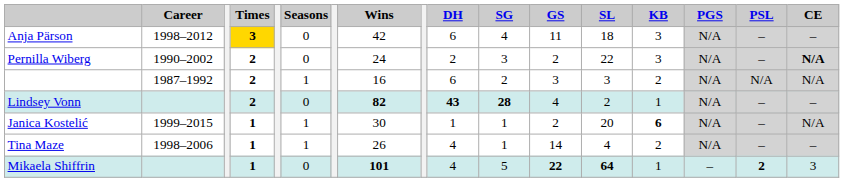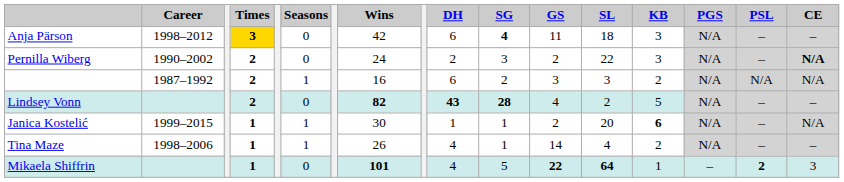 <table class="wikitable plainrowheaders" style="background:#fff; font-size:86%; line-height:16px; border:grey solid 1px; border-collapse:collapse">
 <tr style="background:#ccc; text-align:center;">
 <th style="background-color: #ccc;" width="140"></th>
 <th style="background-color: #ccc;" width="80">Career</th>
 <th rowspan=8></th>
 <th style="background-color: #ccc;" width="40">Times</th>
 <th rowspan=8></th>
 <th style="background-color: #ccc;" width="40">Seasons</th>
 <th rowspan=8></th>
 <th style="background:#ccc; width:10%">Wins</th>
 <th rowspan=8></th>
 <th style="background-color: #ccc;" width="48"><a href='#'>DH</a></th>
 <th style="background-color: #ccc;" width="48"><a href='#'>SG</a></th>
 <th style="background-color: #ccc;" width="48"><a href='#'>GS</a></th>
 <th style="background-color: #ccc;" width="48"><a href='#'>SL</a></th>
 <th style="background-color: #ccc;" width="48"><a href='#'>KB</a></th>
 <th style="background-color: #ccc;" width="48"><a href='#'>PGS</a></th>
 <th style="background-color: #ccc;" width="48"><a href='#'>PSL</a></th>
 <th style="background-color: #ccc;" width="48">CE</th>
 </tr>
 <tr align=center>
 <td align=left> <a href='#'>Anja Pärson</a></td>
 <td>1998–2012</td>
 <td style="background:gold;"><strong>3</strong></td>
 <td>0</td>
 <td>42</td>
 <td>6</td>
-<td>4</td>
+<td><strong>4</strong></td>
 <td>11</td>
 <td>18</td>
 <td>3</td>
 <td style="background:lightgrey;">N/A</td>
 <td style="background:lightgrey;">–</td>
 <td style="background:lightgrey;">–</td>
 </tr>
 <tr align=center>
 <td align=left> <a href='#'>Pernilla Wiberg</a></td>
 <td>1990–2002</td>
 <td><strong>2</strong></td>
 <td>0</td>
 <td>24</td>
 <td>2</td>
 <td>3</td>
 <td>2</td>
 <td>22</td>
 <td>3</td>
 <td style="background:lightgrey;">N/A</td>
 <td style="background:lightgrey;">–</td>
 <td style="background:lightgrey;"><strong>N/A</strong></td>
 </tr>
 <tr align=center>
 <td align=left></td>
 <td>1987–1992</td>
 <td><strong>2</strong></td>
 <td>1</td>
 <td>16</td>
 <td>6</td>
 <td>2</td>
 <td>3</td>
 <td>3</td>
 <td>2</td>
 <td style="background:lightgrey;">N/A</td>
 <td style="background:lightgrey;">N/A</td>
 <td style="background:lightgrey;">N/A</td>
 </tr>
 <tr style="background:#CFECEC" align=center>
 <td align=left bgcolor=#CFECEC> <a href='#'>Lindsey Vonn</a></td>
 <td></td>
 <td><strong>2</strong></td>
 <td>0</td>
 <td><strong>82</strong></td>
 <td><strong>43</strong></td>
 <td><strong>28</strong></td>
 <td>4</td>
 <td>2</td>
-<td>1</td>
+<td>5</td>
 <td style="background:lightgrey;">N/A</td>
 <td style="background:lightgrey;">–</td>
 <td style="background:lightgrey;">–</td>
 </tr>
 <tr align=center>
 <td align=left> <a href='#'>Janica Kostelić</a></td>
 <td>1999–2015</td>
 <td><strong>1</strong></td>
 <td>1</td>
 <td>30</td>
 <td>1</td>
 <td>1</td>
 <td>2</td>
 <td>20</td>
 <td><strong>6</strong></td>
 <td style="background:lightgrey;">N/A</td>
 <td style="background:lightgrey;">–</td>
 <td style="background:lightgrey;">N/A</td>
 </tr>
 <tr align=center>
 <td align=left> <a href='#'>Tina Maze</a></td>
 <td>1998–2006</td>
 <td><strong>1</strong></td>
 <td>1</td>
 <td>26</td>
 <td>4</td>
 <td>1</td>
 <td>14</td>
 <td>4</td>
 <td>2</td>
 <td style="background:lightgrey;">N/A</td>
 <td style="background:lightgrey;">–</td>
 <td style="background:lightgrey;">–</td>
 </tr>
 <tr style="background:#CFECEC" align=center>
 <td align=left bgcolor=#CFECEC> <a href='#'>Mikaela Shiffrin</a></td>
 <td></td>
 <td><strong>1</strong></td>
 <td>0</td>
 <td><strong>101</strong></td>
 <td>4</td>
 <td>5</td>
 <td><strong>22</strong></td>
 <td><strong>64</strong></td>
 <td>1</td>
 <td>–</td>
 <td bgcolor=#CFECEC><strong>2</strong></td>
 <td>3</td>
 </tr>
 </table>
